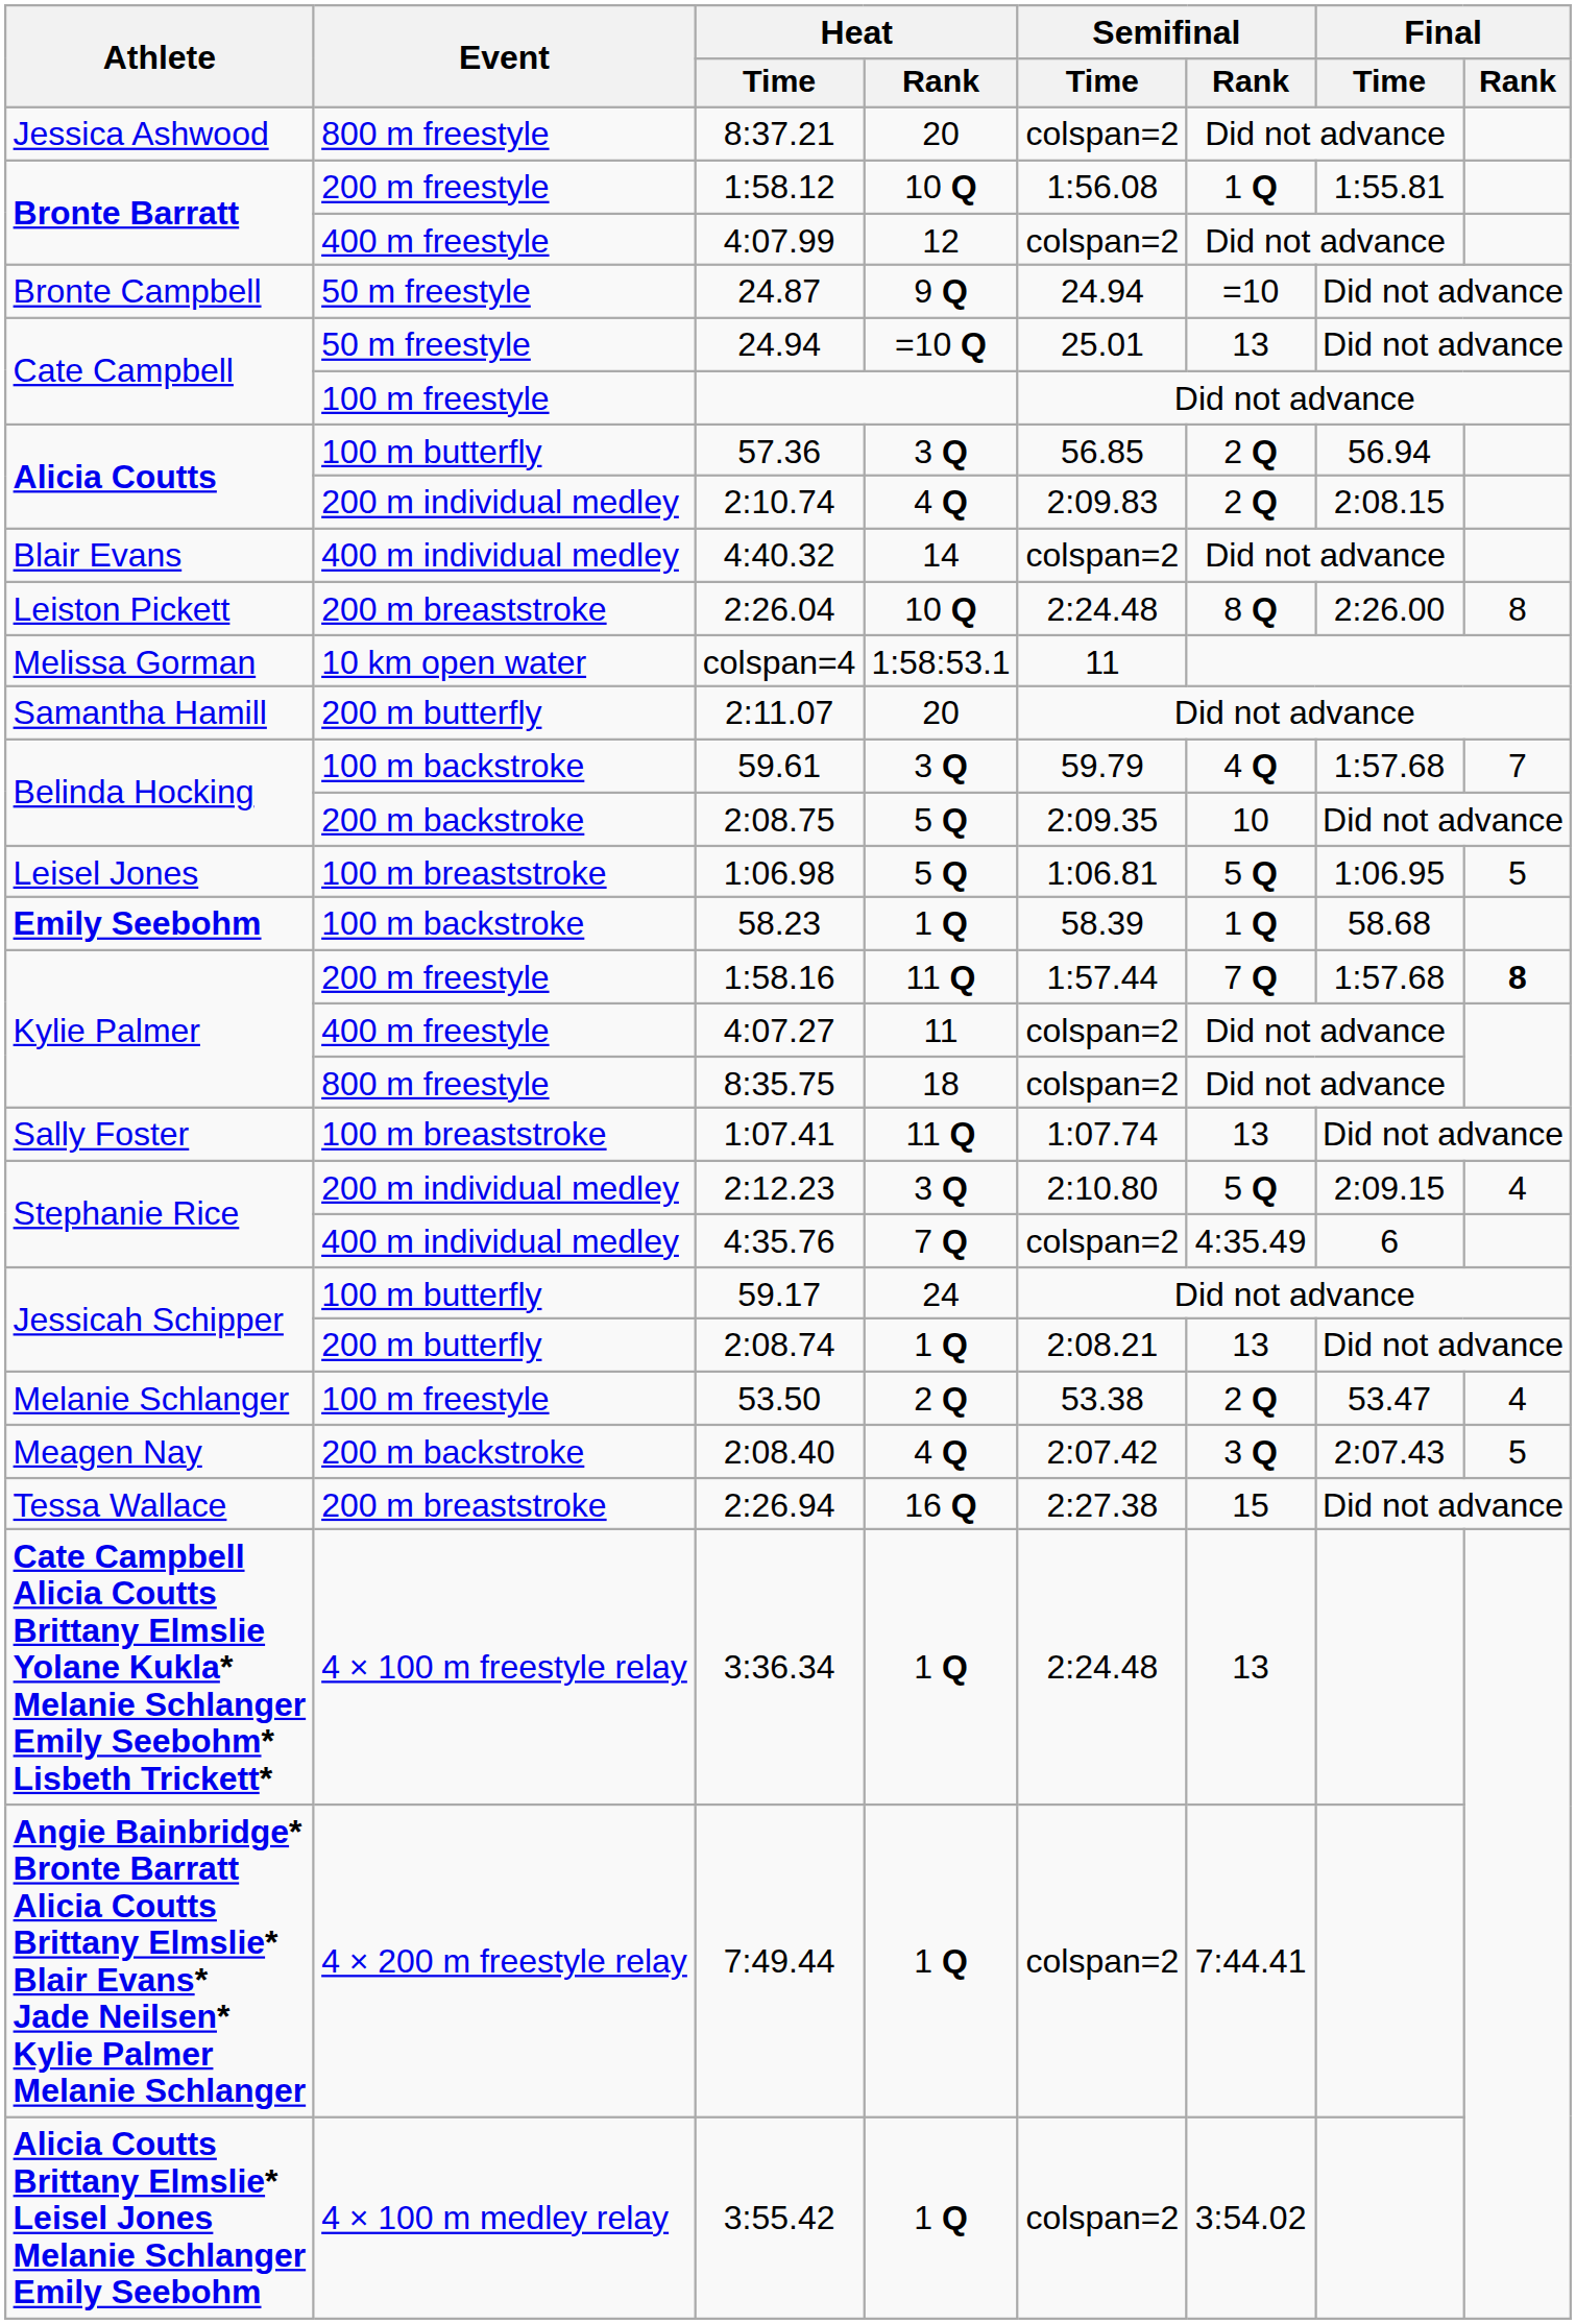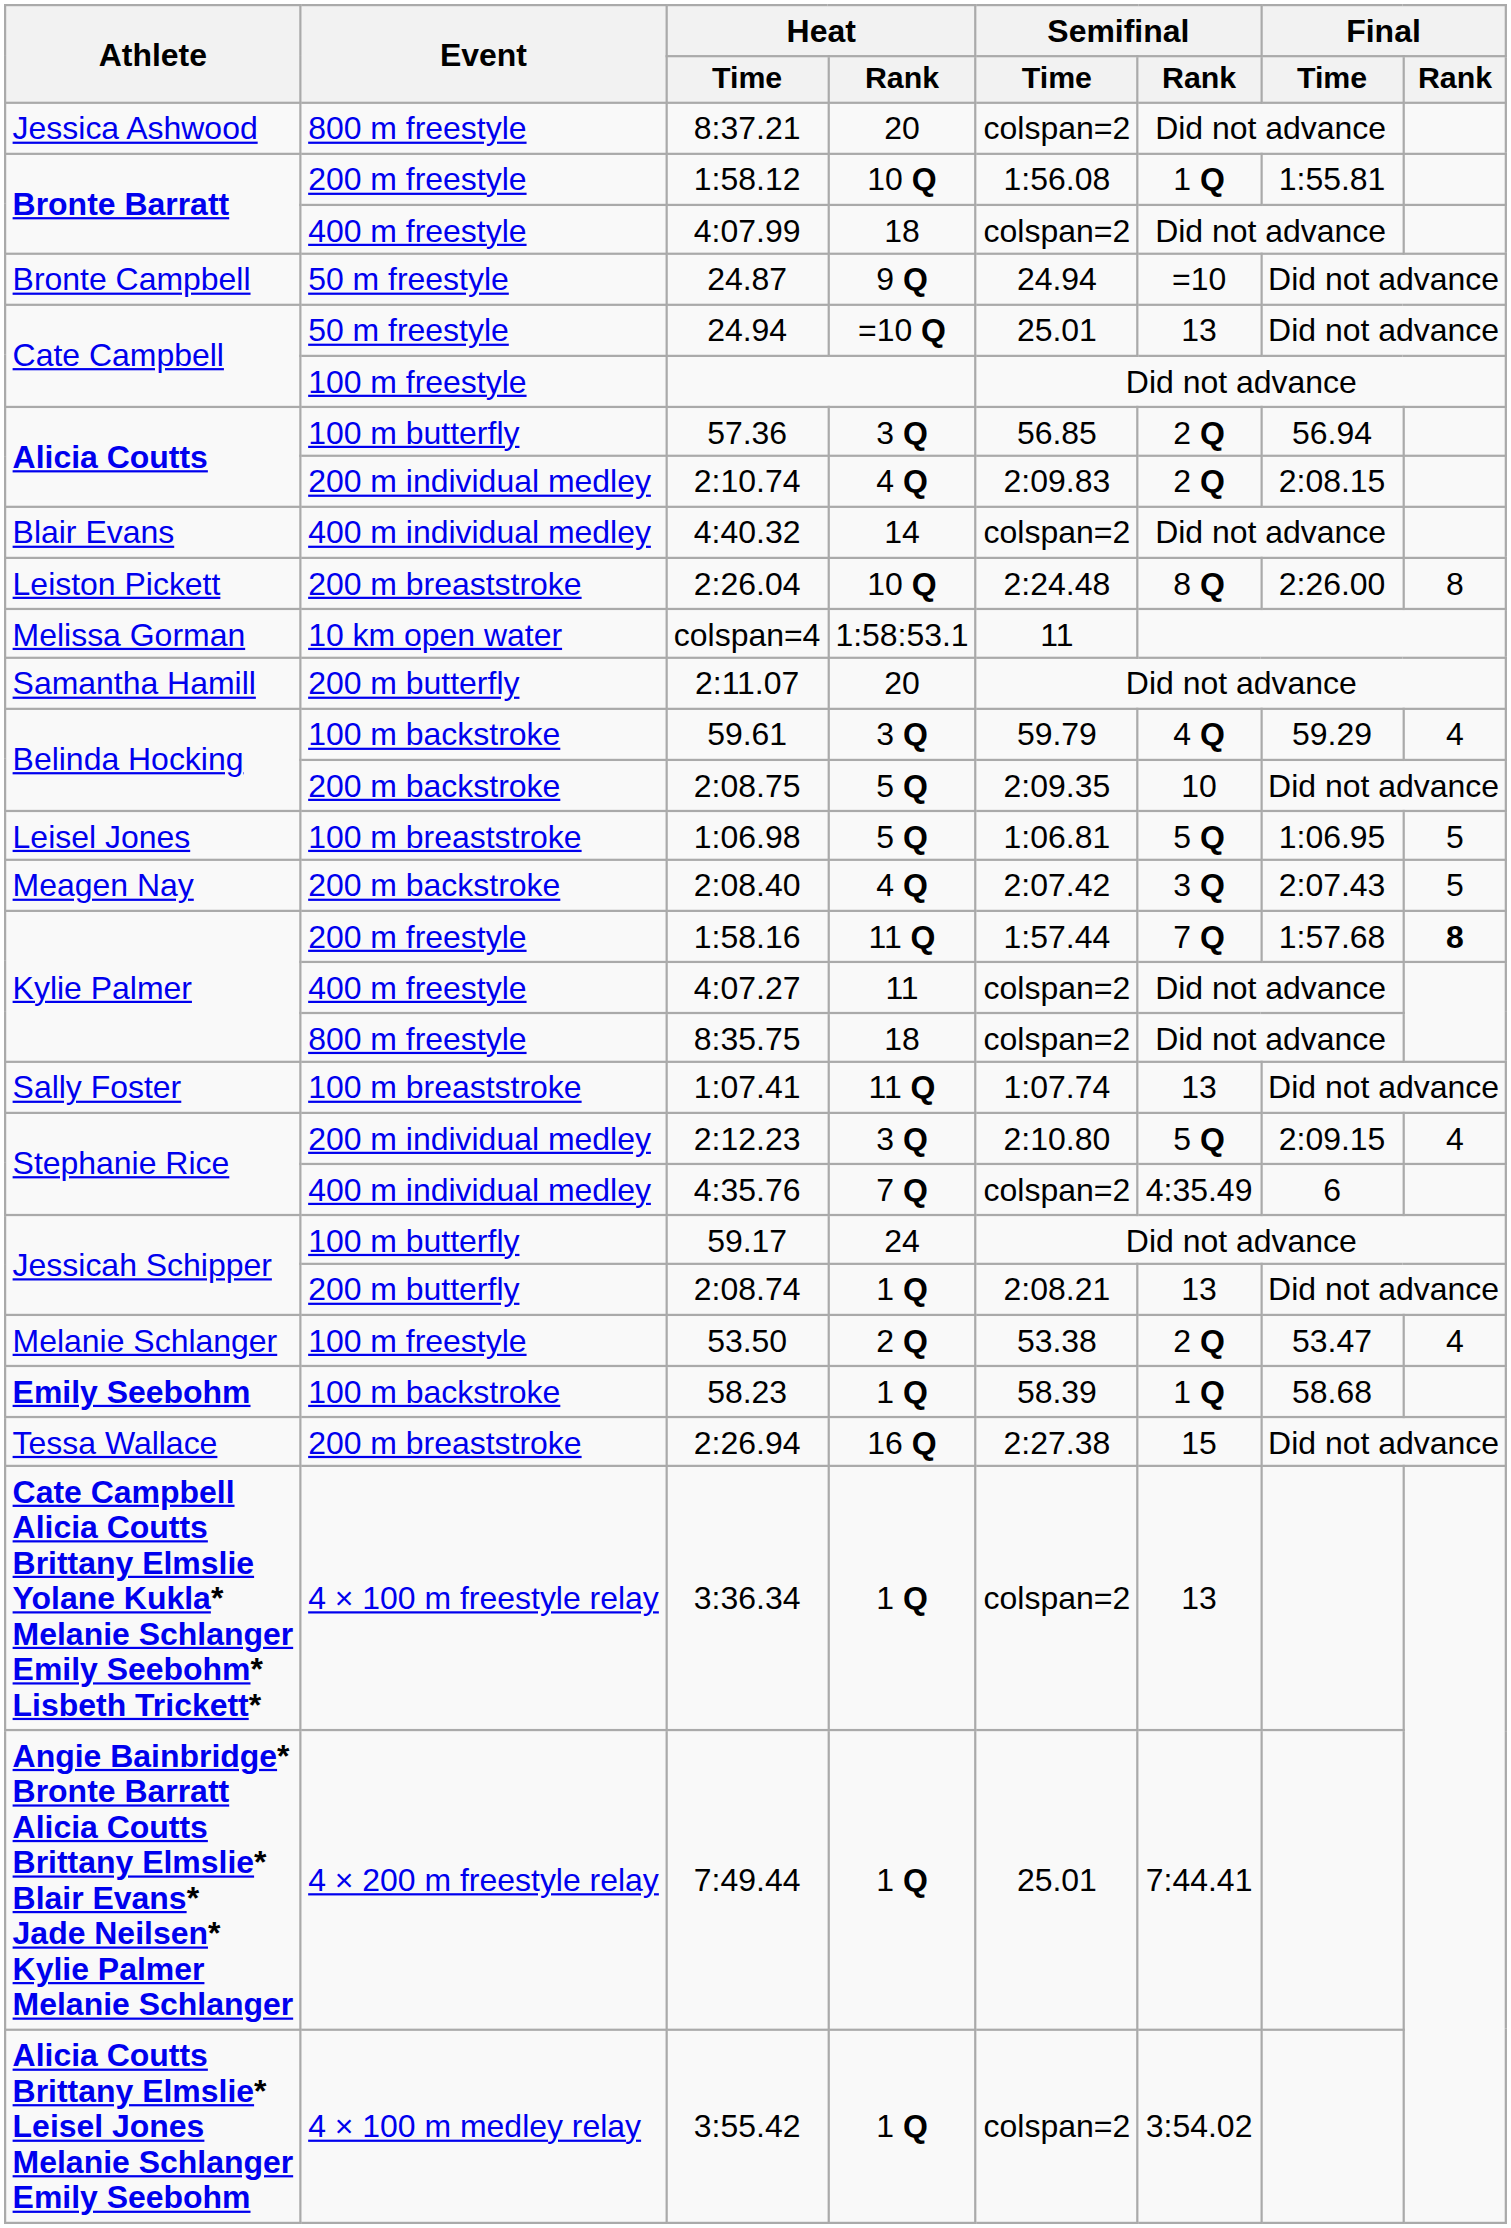 <table class=wikitable style="font-size:90%">
 <tr>
 <th rowspan="2">Athlete</th>
 <th rowspan="2">Event</th>
 <th colspan="2">Heat</th>
 <th colspan="2">Semifinal</th>
 <th colspan="2">Final</th>
 </tr>
 <tr style="font-size:95%">
 <th>Time</th>
 <th>Rank</th>
 <th>Time</th>
 <th>Rank</th>
 <th>Time</th>
 <th>Rank</th>
 </tr>
 <tr align=center>
 <td align=left><a href='#'>Jessica Ashwood</a></td>
 <td align=left><a href='#'>800 m freestyle</a></td>
 <td>8:37.21</td>
 <td>20</td>
 <td>colspan=2 </td>
 <td colspan=2>Did not advance</td>
 </tr>
 <tr align=center>
 <td align=left rowspan=2><strong><a href='#'>Bronte Barratt</a></strong></td>
 <td align=left><a href='#'>200 m freestyle</a></td>
 <td>1:58.12</td>
 <td>10 <strong>Q</strong></td>
 <td>1:56.08</td>
 <td>1 <strong>Q</strong></td>
 <td>1:55.81</td>
 <td></td>
 </tr>
 <tr align=center>
 <td align=left><a href='#'>400 m freestyle</a></td>
 <td>4:07.99</td>
-<td>12</td>
+<td>18</td>
 <td>colspan=2 </td>
 <td colspan=2>Did not advance</td>
 </tr>
 <tr align=center>
 <td align=left><a href='#'>Bronte Campbell</a></td>
 <td align=left><a href='#'>50 m freestyle</a></td>
 <td>24.87</td>
 <td>9 <strong>Q</strong></td>
 <td>24.94</td>
 <td>=10</td>
 <td colspan=2>Did not advance</td>
 </tr>
 <tr align=center>
 <td align=left rowspan=2><a href='#'>Cate Campbell</a></td>
 <td align=left><a href='#'>50 m freestyle</a></td>
 <td>24.94</td>
 <td>=10 <strong>Q</strong></td>
 <td>25.01</td>
 <td>13</td>
 <td colspan=2>Did not advance</td>
 </tr>
 <tr align=center>
 <td align=left><a href='#'>100 m freestyle</a></td>
 <td colspan=2></td>
 <td colspan=4>Did not advance</td>
 </tr>
 <tr align=center>
 <td align=left rowspan=2><strong><a href='#'>Alicia Coutts</a></strong></td>
 <td align=left><a href='#'>100 m butterfly</a></td>
 <td>57.36</td>
 <td>3 <strong>Q</strong></td>
 <td>56.85</td>
 <td>2 <strong>Q</strong></td>
 <td>56.94</td>
 <td></td>
 </tr>
 <tr align=center>
 <td align=left><a href='#'>200 m individual medley</a></td>
 <td>2:10.74</td>
 <td>4 <strong>Q</strong></td>
 <td>2:09.83</td>
 <td>2 <strong>Q</strong></td>
 <td>2:08.15</td>
 <td></td>
 </tr>
 <tr align=center>
 <td align=left><a href='#'>Blair Evans</a></td>
 <td align=left><a href='#'>400 m individual medley</a></td>
 <td>4:40.32</td>
 <td>14</td>
 <td>colspan=2 </td>
 <td colspan=2>Did not advance</td>
 </tr>
 <tr align=center>
 <td align=left><a href='#'>Leiston Pickett</a></td>
 <td align=left><a href='#'>200 m breaststroke</a></td>
 <td>2:26.04</td>
 <td>10 <strong>Q</strong></td>
 <td>2:24.48</td>
 <td>8 <strong>Q</strong></td>
 <td>2:26.00</td>
 <td>8</td>
 </tr>
 <tr align=center>
 <td align=left><a href='#'>Melissa Gorman</a></td>
 <td align=left><a href='#'>10 km open water</a></td>
 <td>colspan=4 </td>
 <td>1:58:53.1</td>
 <td>11</td>
 </tr>
 <tr align=center>
 <td align=left><a href='#'>Samantha Hamill</a></td>
 <td align=left><a href='#'>200 m butterfly</a></td>
 <td>2:11.07</td>
 <td>20</td>
 <td colspan=4>Did not advance</td>
 </tr>
 <tr align=center>
 <td align=left rowspan=2><a href='#'>Belinda Hocking</a></td>
 <td align=left><a href='#'>100 m backstroke</a></td>
 <td>59.61</td>
 <td>3 <strong>Q</strong></td>
 <td>59.79</td>
 <td>4 <strong>Q</strong></td>
-<td>1:57.68</td>
-<td>7</td>
+<td>59.29</td>
+<td>4</td>
 </tr>
 <tr align=center>
 <td align=left><a href='#'>200 m backstroke</a></td>
 <td>2:08.75</td>
 <td>5 <strong>Q</strong></td>
 <td>2:09.35</td>
 <td>10</td>
 <td colspan=2>Did not advance</td>
 </tr>
 <tr align=center>
 <td align=left><a href='#'>Leisel Jones</a></td>
 <td align=left><a href='#'>100 m breaststroke</a></td>
 <td>1:06.98</td>
 <td>5 <strong>Q</strong></td>
 <td>1:06.81</td>
 <td>5 <strong>Q</strong></td>
 <td>1:06.95</td>
 <td>5</td>
 </tr>
 <tr align=center>
-<td align=left><strong><a href='#'>Emily Seebohm</a></strong></td>
-<td align=left><a href='#'>100 m backstroke</a></td>
-<td>58.23 </td>
-<td>1 <strong>Q</strong></td>
-<td>58.39</td>
-<td>1 <strong>Q</strong></td>
-<td>58.68</td>
-<td></td>
+<td align=left><a href='#'>Meagen Nay</a></td>
+<td align=left><a href='#'>200 m backstroke</a></td>
+<td>2:08.40</td>
+<td>4 <strong>Q</strong></td>
+<td>2:07.42</td>
+<td>3 <strong>Q</strong></td>
+<td>2:07.43</td>
+<td>5</td>
 </tr>
 <tr align=center>
 <td align=left rowspan=3><a href='#'>Kylie Palmer</a></td>
 <td align=left><a href='#'>200 m freestyle</a></td>
 <td>1:58.16</td>
 <td>11 <strong>Q</strong></td>
 <td>1:57.44</td>
 <td>7 <strong>Q</strong></td>
 <td>1:57.68</td>
 <td><strong>8</strong></td>
 </tr>
 <tr align=center>
 <td align=left><a href='#'>400 m freestyle</a></td>
 <td>4:07.27</td>
 <td>11</td>
 <td>colspan=2 </td>
 <td colspan=2>Did not advance</td>
 </tr>
 <tr align=center>
 <td align=left><a href='#'>800 m freestyle</a></td>
 <td>8:35.75</td>
 <td>18</td>
 <td>colspan=2 </td>
 <td colspan=2>Did not advance</td>
 </tr>
 <tr align=center>
 <td align=left><a href='#'>Sally Foster</a></td>
 <td align=left><a href='#'>100 m breaststroke</a></td>
 <td>1:07.41</td>
 <td>11 <strong>Q</strong></td>
 <td>1:07.74</td>
 <td>13</td>
 <td colspan=2>Did not advance</td>
 </tr>
 <tr align=center>
 <td align=left rowspan=2><a href='#'>Stephanie Rice</a></td>
 <td align=left><a href='#'>200 m individual medley</a></td>
 <td>2:12.23</td>
 <td>3 <strong>Q</strong></td>
 <td>2:10.80</td>
 <td>5 <strong>Q</strong></td>
 <td>2:09.15</td>
 <td>4</td>
 </tr>
 <tr align=center>
 <td align=left><a href='#'>400 m individual medley</a></td>
 <td>4:35.76</td>
 <td>7 <strong>Q</strong></td>
 <td>colspan=2 </td>
 <td>4:35.49</td>
 <td>6</td>
 </tr>
 <tr align=center>
 <td align=left rowspan=2><a href='#'>Jessicah Schipper</a></td>
 <td align=left><a href='#'>100 m butterfly</a></td>
 <td>59.17</td>
 <td>24</td>
 <td colspan=4>Did not advance</td>
 </tr>
 <tr align=center>
 <td align=left><a href='#'>200 m butterfly</a></td>
 <td>2:08.74</td>
 <td>1 <strong>Q</strong></td>
 <td>2:08.21</td>
 <td>13</td>
 <td colspan=2>Did not advance</td>
 </tr>
 <tr align=center>
 <td align=left><a href='#'>Melanie Schlanger</a></td>
 <td align=left><a href='#'>100 m freestyle</a></td>
 <td>53.50</td>
 <td>2 <strong>Q</strong></td>
 <td>53.38</td>
 <td>2 <strong>Q</strong></td>
 <td>53.47</td>
 <td>4</td>
 </tr>
 <tr align=center>
-<td align=left><a href='#'>Meagen Nay</a></td>
-<td align=left><a href='#'>200 m backstroke</a></td>
-<td>2:08.40</td>
-<td>4 <strong>Q</strong></td>
-<td>2:07.42</td>
-<td>3 <strong>Q</strong></td>
-<td>2:07.43</td>
-<td>5</td>
+<td align=left><strong><a href='#'>Emily Seebohm</a></strong></td>
+<td align=left><a href='#'>100 m backstroke</a></td>
+<td>58.23 </td>
+<td>1 <strong>Q</strong></td>
+<td>58.39</td>
+<td>1 <strong>Q</strong></td>
+<td>58.68</td>
+<td></td>
 </tr>
 <tr align=center>
 <td align=left><a href='#'>Tessa Wallace</a></td>
 <td align=left><a href='#'>200 m breaststroke</a></td>
 <td>2:26.94</td>
 <td>16 <strong>Q</strong></td>
 <td>2:27.38</td>
 <td>15</td>
 <td colspan=2>Did not advance</td>
 </tr>
 <tr align=center>
 <td align=left><strong><a href='#'>Cate Campbell</a><br><a href='#'>Alicia Coutts</a><br><a href='#'>Brittany Elmslie</a><br><a href='#'>Yolane Kukla</a>*<br><a href='#'>Melanie Schlanger</a><br><a href='#'>Emily Seebohm</a>*<br><a href='#'>Lisbeth Trickett</a>*</strong></td>
 <td align=left><a href='#'>4 × 100 m freestyle relay</a></td>
 <td>3:36.34</td>
 <td>1 <strong>Q</strong></td>
-<td>2:24.48</td>
+<td>colspan=2 </td>
 <td>13</td>
 <td></td>
 </tr>
 <tr align=center>
 <td align=left><strong><a href='#'>Angie Bainbridge</a>*<br><a href='#'>Bronte Barratt</a><br><a href='#'>Alicia Coutts</a><br><a href='#'>Brittany Elmslie</a>*<br><a href='#'>Blair Evans</a>*<br><a href='#'>Jade Neilsen</a>*<br><a href='#'>Kylie Palmer</a><br><a href='#'>Melanie Schlanger</a></strong></td>
 <td align=left><a href='#'>4 × 200 m freestyle relay</a></td>
 <td>7:49.44</td>
 <td>1 <strong>Q</strong></td>
-<td>colspan=2 </td>
+<td>25.01</td>
 <td>7:44.41</td>
 <td></td>
 </tr>
 <tr align=center>
 <td align=left><strong><a href='#'>Alicia Coutts</a><br><a href='#'>Brittany Elmslie</a>*<br><a href='#'>Leisel Jones</a><br><a href='#'>Melanie Schlanger</a><br><a href='#'>Emily Seebohm</a></strong></td>
 <td align=left><a href='#'>4 × 100 m medley relay</a></td>
 <td>3:55.42</td>
 <td>1 <strong>Q</strong></td>
 <td>colspan=2 </td>
 <td>3:54.02</td>
 <td></td>
 </tr>
 </table>
